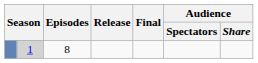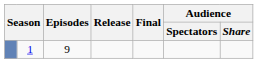 <table class="wikitable" style="text-align:center;">
 <tr>
 <th colspan="2" rowspan="2">Season</th>
 <th rowspan="2">Episodes</th>
 <th rowspan="2">Release</th>
 <th rowspan="2">Final</th>
 <th colspan="3">Audience</th>
 </tr>
 <tr>
 <th>Spectators</th>
 <th><em>Share</em></th>
 </tr>
 <tr>
 <td style="background:#6082B6;"></td>
-<td style="background: lightgrey;"><a href='#'>1</a></td>
-<td>8</td>
+<td><a href='#'>1</a></td>
+<td>9</td>
 <td></td>
 <td></td>
 <td></td>
 <td></td>
 </tr>
 </table>
